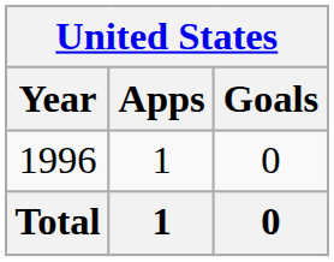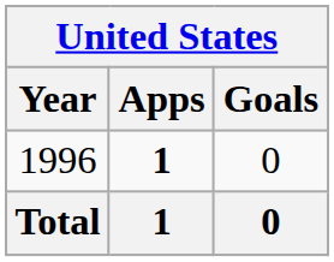 <table class="wikitable" style="text-align:center">
 <tr>
 <th colspan=3><a href='#'>United States</a></th>
 </tr>
 <tr>
 <th>Year</th>
 <th>Apps</th>
 <th>Goals</th>
 </tr>
 <tr>
 <td>1996</td>
-<td>1</td>
+<td><strong>1</strong></td>
 <td>0</td>
 </tr>
 <tr>
 <th>Total</th>
 <th>1</th>
 <th>0</th>
 </tr>
 </table>
